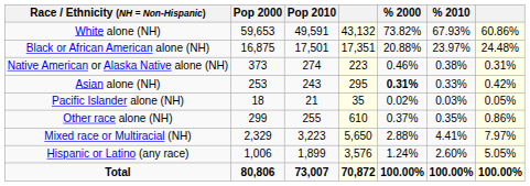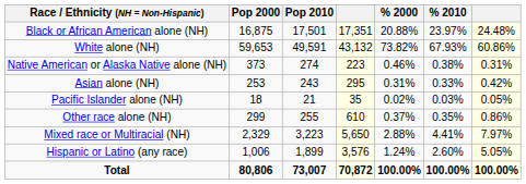 <table class="wikitable" style="text-align:center;">
 <tr>
 <th>Race / Ethnicity <small>(<em>NH = Non-Hispanic</em>)</small></th>
 <th>Pop 2000</th>
 <th>Pop 2010</th>
 <th></th>
 <th>% 2000</th>
 <th>% 2010</th>
 <th></th>
 </tr>
 <tr>
+<td><a href='#'>Black or African American</a> alone (NH)</td>
+<td>16,875</td>
+<td>17,501</td>
+<td style='background: #ffffe6;'>17,351</td>
+<td>20.88%</td>
+<td>23.97%</td>
+<td style='background: #ffffe6;'>24.48%</td>
+</tr>
+<tr>
 <td><a href='#'>White</a> alone (NH)</td>
 <td>59,653</td>
 <td>49,591</td>
 <td style='background: #ffffe6;'>43,132</td>
 <td>73.82%</td>
 <td>67.93%</td>
 <td style='background: #ffffe6;'>60.86%</td>
-</tr>
-<tr>
-<td><a href='#'>Black or African American</a> alone (NH)</td>
-<td>16,875</td>
-<td>17,501</td>
-<td style='background: #ffffe6;'>17,351</td>
-<td>20.88%</td>
-<td>23.97%</td>
-<td style='background: #ffffe6;'>24.48%</td>
 </tr>
 <tr>
 <td><a href='#'>Native American</a> or <a href='#'>Alaska Native</a> alone (NH)</td>
 <td>373</td>
 <td>274</td>
 <td style='background: #ffffe6;'>223</td>
 <td>0.46%</td>
 <td>0.38%</td>
 <td style='background: #ffffe6;'>0.31%</td>
 </tr>
 <tr>
 <td><a href='#'>Asian</a> alone (NH)</td>
 <td>253</td>
 <td>243</td>
 <td style='background: #ffffe6;'>295</td>
-<td><strong>0.31%</strong></td>
+<td>0.31%</td>
 <td>0.33%</td>
 <td style='background: #ffffe6;'>0.42%</td>
 </tr>
 <tr>
 <td><a href='#'>Pacific Islander</a> alone (NH)</td>
 <td>18</td>
 <td>21</td>
 <td style='background: #ffffe6;'>35</td>
 <td>0.02%</td>
 <td>0.03%</td>
 <td style='background: #ffffe6;'>0.05%</td>
 </tr>
 <tr>
 <td><a href='#'>Other race</a> alone (NH)</td>
 <td>299</td>
 <td>255</td>
 <td style='background: #ffffe6;'>610</td>
 <td>0.37%</td>
 <td>0.35%</td>
 <td style='background: #ffffe6;'>0.86%</td>
 </tr>
 <tr>
 <td><a href='#'>Mixed race or Multiracial</a> (NH)</td>
 <td>2,329</td>
 <td>3,223</td>
 <td style='background: #ffffe6;'>5,650</td>
 <td>2.88%</td>
 <td>4.41%</td>
 <td style='background: #ffffe6;'>7.97%</td>
 </tr>
 <tr>
 <td><a href='#'>Hispanic or Latino</a> (any race)</td>
 <td>1,006</td>
 <td>1,899</td>
 <td style='background: #ffffe6;'>3,576</td>
 <td>1.24%</td>
 <td>2.60%</td>
 <td style='background: #ffffe6;'>5.05%</td>
 </tr>
 <tr>
 <td><strong>Total</strong></td>
 <td><strong>80,806</strong></td>
 <td><strong>73,007</strong></td>
 <td style='background: #ffffe6;'><strong>70,872</strong></td>
 <td><strong>100.00%</strong></td>
 <td><strong>100.00%</strong></td>
 <td style='background: #ffffe6;'><strong>100.00%</strong></td>
 </tr>
 </table>
